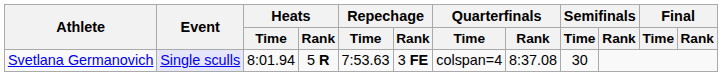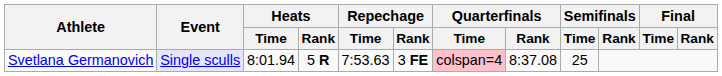 <table class="wikitable" style="font-size:90%">
 <tr>
 <th rowspan="2">Athlete</th>
 <th rowspan="2">Event</th>
 <th colspan="2">Heats</th>
 <th colspan="2">Repechage</th>
 <th colspan=2>Quarterfinals</th>
 <th colspan="2">Semifinals</th>
 <th colspan="2">Final</th>
 </tr>
 <tr style="font-size:95%">
 <th>Time</th>
 <th>Rank</th>
 <th>Time</th>
 <th>Rank</th>
 <th>Time</th>
 <th>Rank</th>
 <th>Time</th>
 <th>Rank</th>
 <th>Time</th>
 <th>Rank</th>
 </tr>
 <tr align=center>
 <td align=left><a href='#'>Svetlana Germanovich</a></td>
 <td align=left style="background: lavender;"><a href='#'>Single sculls</a></td>
 <td>8:01.94</td>
 <td>5 <strong>R</strong></td>
 <td>7:53.63</td>
 <td>3 <strong>FE</strong></td>
-<td>colspan=4 </td>
+<td style="background: pink;">colspan=4 </td>
 <td>8:37.08</td>
-<td>30</td>
+<td>25</td>
 </tr>
 </table>
